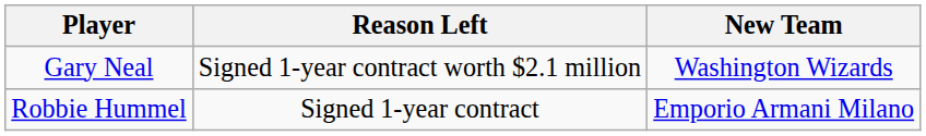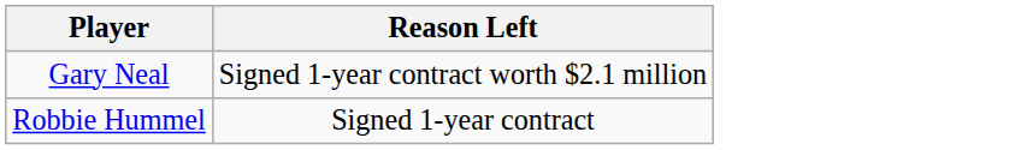 <table class="wikitable sortable sortable">
 <tr>
 <th>Player</th>
 <th>Reason Left</th>
-<th>New Team</th>
 </tr>
 <tr style="text-align: center">
 <td><a href='#'>Gary Neal</a></td>
 <td>Signed 1-year contract worth $2.1 million</td>
-<td><a href='#'>Washington Wizards</a></td>
 </tr>
 <tr style="text-align: center">
 <td><a href='#'>Robbie Hummel</a></td>
 <td>Signed 1-year contract</td>
-<td> <a href='#'>Emporio Armani Milano</a></td>
 </tr>
 </table>
